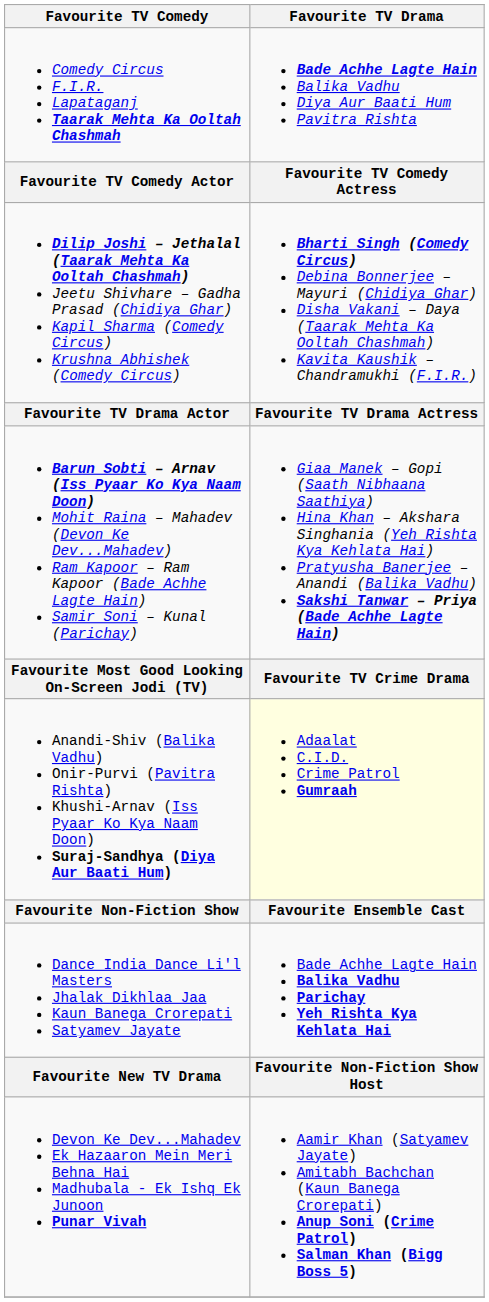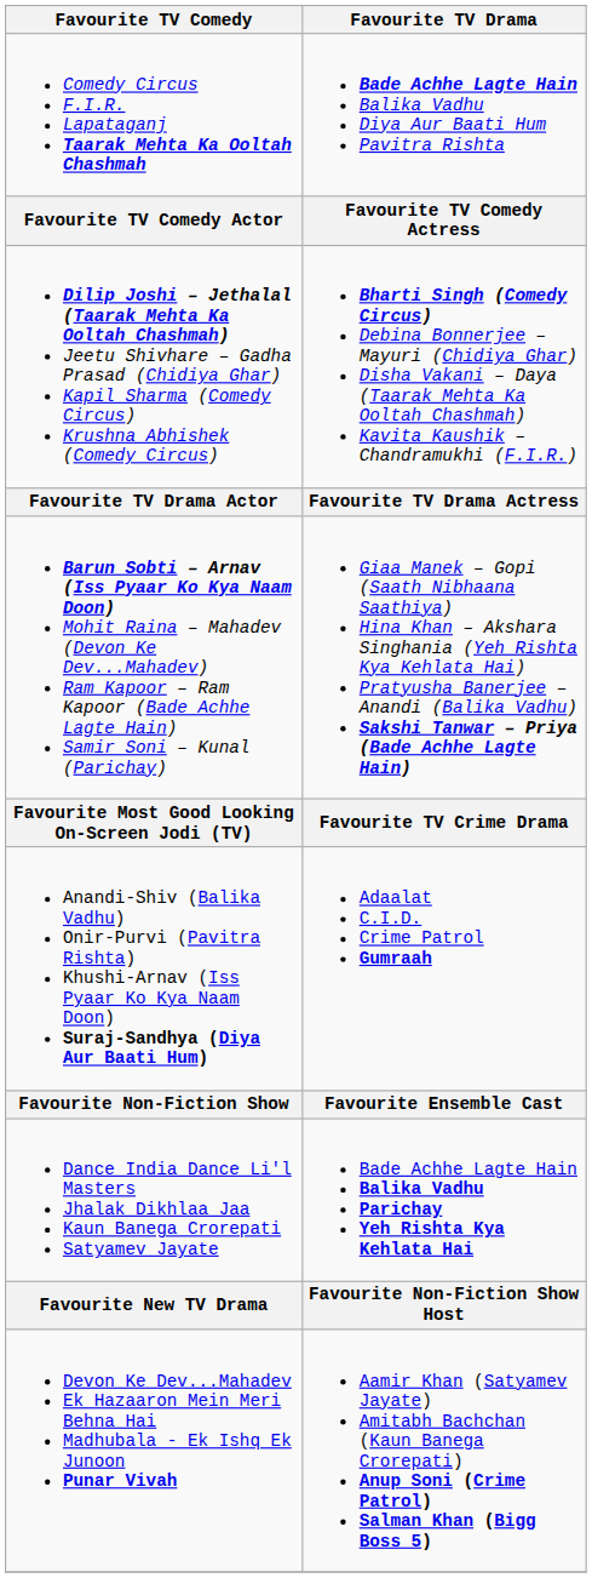 <table class="wikitable" width=70%>
 <tr>
 <th>Favourite TV Comedy</th>
 <th>Favourite TV Drama</th>
 </tr>
 <tr>
 <td valign="top"><br><ul><li><em><a href='#'>Comedy Circus</a></em></li><li><em><a href='#'>F.I.R.</a></em></li><li><em><a href='#'>Lapataganj</a></em></li><li><strong><em><a href='#'>Taarak Mehta Ka Ooltah Chashmah</a></em></strong></li></ul></td>
 <td valign="top"><br><ul><li><strong><em><a href='#'>Bade Achhe Lagte Hain</a></em></strong></li><li><em><a href='#'>Balika Vadhu</a></em></li><li><em><a href='#'>Diya Aur Baati Hum</a></em></li><li><em><a href='#'>Pavitra Rishta</a></em></li></ul></td>
 </tr>
 <tr>
 <th>Favourite TV Comedy Actor</th>
 <th>Favourite TV Comedy Actress</th>
 </tr>
 <tr>
 <td valign="top"><br><ul><li><strong><em><a href='#'>Dilip Joshi</a> – Jethalal (<a href='#'>Taarak Mehta Ka Ooltah Chashmah</a>)</em></strong></li><li><em>Jeetu Shivhare – Gadha Prasad (<a href='#'>Chidiya Ghar</a>)</em></li><li><em><a href='#'>Kapil Sharma</a> (<a href='#'>Comedy Circus</a>)</em></li><li><em><a href='#'>Krushna Abhishek</a> (<a href='#'>Comedy Circus</a>)</em></li></ul></td>
 <td valign="top"><br><ul><li><strong><em><a href='#'>Bharti Singh</a> (<a href='#'>Comedy Circus</a>)</em></strong></li><li><em><a href='#'>Debina Bonnerjee</a> – Mayuri (<a href='#'>Chidiya Ghar</a>)</em></li><li><em><a href='#'>Disha Vakani</a> – Daya (<a href='#'>Taarak Mehta Ka Ooltah Chashmah</a>)</em></li><li><em><a href='#'>Kavita Kaushik</a> – Chandramukhi (<a href='#'>F.I.R.</a>)</em></li></ul></td>
 </tr>
 <tr>
 <th>Favourite TV Drama Actor</th>
 <th>Favourite TV Drama Actress</th>
 </tr>
 <tr>
 <td valign="top"><br><ul><li><strong><em><a href='#'>Barun Sobti</a> – Arnav (<a href='#'>Iss Pyaar Ko Kya Naam Doon</a>)</em></strong></li><li><em><a href='#'>Mohit Raina</a> – Mahadev (<a href='#'>Devon Ke Dev...Mahadev</a>)</em></li><li><em><a href='#'>Ram Kapoor</a> – Ram Kapoor (<a href='#'>Bade Achhe Lagte Hain</a>)</em></li><li><em><a href='#'>Samir Soni</a> – Kunal (<a href='#'>Parichay</a>)</em></li></ul></td>
 <td valign="top"><br><ul><li><em><a href='#'>Giaa Manek</a> – Gopi (<a href='#'>Saath Nibhaana Saathiya</a>)</em></li><li><em><a href='#'>Hina Khan</a> – Akshara Singhania (<a href='#'>Yeh Rishta Kya Kehlata Hai</a>)</em></li><li><em><a href='#'>Pratyusha Banerjee</a> – Anandi (<a href='#'>Balika Vadhu</a>)</em></li><li><strong><em><a href='#'>Sakshi Tanwar</a><strong> – Priya (<a href='#'>Bade Achhe Lagte Hain</a>)<em></li></ul></td>
 </tr>
 <tr>
 <th>Favourite Most Good Looking On-Screen Jodi (TV)</th>
 <th>Favourite TV Crime Drama</th>
 </tr>
 <tr>
 <td valign="top"><br><ul><li></em>Anandi-Shiv (<a href='#'>Balika Vadhu</a>)<em></li><li></em>Onir-Purvi (<a href='#'>Pavitra Rishta</a>)<em></li><li></em></strong>Khushi-Arnav (<a href='#'>Iss Pyaar Ko Kya Naam Doon</a>)<strong><em></li><li></em>Suraj-Sandhya (<a href='#'>Diya Aur Baati Hum</a>)<em></li></ul></td>
-<td valign="top" style="background: lightyellow;"><br><ul><li></em><a href='#'>Adaalat</a><em></li><li></em><a href='#'>C.I.D.</a><em></li><li></em></strong><a href='#'>Crime Patrol</a><strong><em></li><li></em><a href='#'>Gumraah</a><em></li></ul></td>
+<td valign="top"><br><ul><li></em><a href='#'>Adaalat</a><em></li><li></em><a href='#'>C.I.D.</a><em></li><li></em></strong><a href='#'>Crime Patrol</a><strong><em></li><li></em><a href='#'>Gumraah</a><em></li></ul></td>
 </tr>
 <tr>
 <th>Favourite Non-Fiction Show</th>
 <th>Favourite Ensemble Cast</th>
 </tr>
 <tr>
 <td valign="top"><br><ul><li></em><a href='#'>Dance India Dance Li'l Masters</a><em></li><li></em><a href='#'>Jhalak Dikhlaa Jaa</a><em></li><li></em><a href='#'>Kaun Banega Crorepati</a><em></li><li></em></strong><a href='#'>Satyamev Jayate</a><strong><em></li></ul></td>
 <td valign="top"><br><ul><li></em></strong><a href='#'>Bade Achhe Lagte Hain</a><strong><em></li><li></em><a href='#'>Balika Vadhu</a><em></li><li></em><a href='#'>Parichay</a><em></li><li></em><a href='#'>Yeh Rishta Kya Kehlata Hai</a><em></li></ul></td>
 </tr>
 <tr>
 <th>Favourite New TV Drama</th>
 <th>Favourite Non-Fiction Show Host</th>
 </tr>
 <tr>
 <td valign="top"><br><ul><li></em><a href='#'>Devon Ke Dev...Mahadev</a><em></li><li></em><a href='#'>Ek Hazaaron Mein Meri Behna Hai</a><em></li><li></em></strong><a href='#'>Madhubala - Ek Ishq Ek Junoon</a><strong><em></li><li></em><a href='#'>Punar Vivah</a><em></li></ul></td>
 <td valign="top"><br><ul><li></em><a href='#'>Aamir Khan</a> (<a href='#'>Satyamev Jayate</a>)<em></li><li></em></strong><a href='#'>Amitabh Bachchan</a> (<a href='#'>Kaun Banega Crorepati</a>)<strong><em></li><li></em><a href='#'>Anup Soni</a> (<a href='#'>Crime Patrol</a>)<em></li><li></em><a href='#'>Salman Khan</a> (<a href='#'>Bigg Boss 5</a>)<em></li></ul></td>
 </tr>
 <tr>
 </tr>
 </table>
